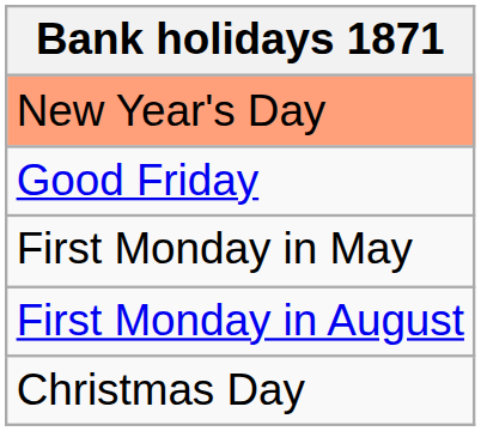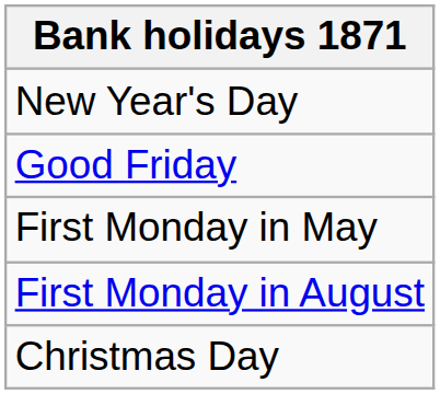 <table class="wikitable">
 <tr>
 <th scope="col">Bank holidays 1871</th>
 </tr>
 <tr>
-<td style="background: lightsalmon;">New Year's Day</td>
+<td>New Year's Day</td>
 </tr>
 <tr>
 <td><a href='#'>Good Friday</a></td>
 </tr>
 <tr>
 <td>First Monday in May</td>
 </tr>
 <tr>
 <td><a href='#'>First Monday in August</a></td>
 </tr>
 <tr>
 <td>Christmas Day</td>
 </tr>
 </table>
